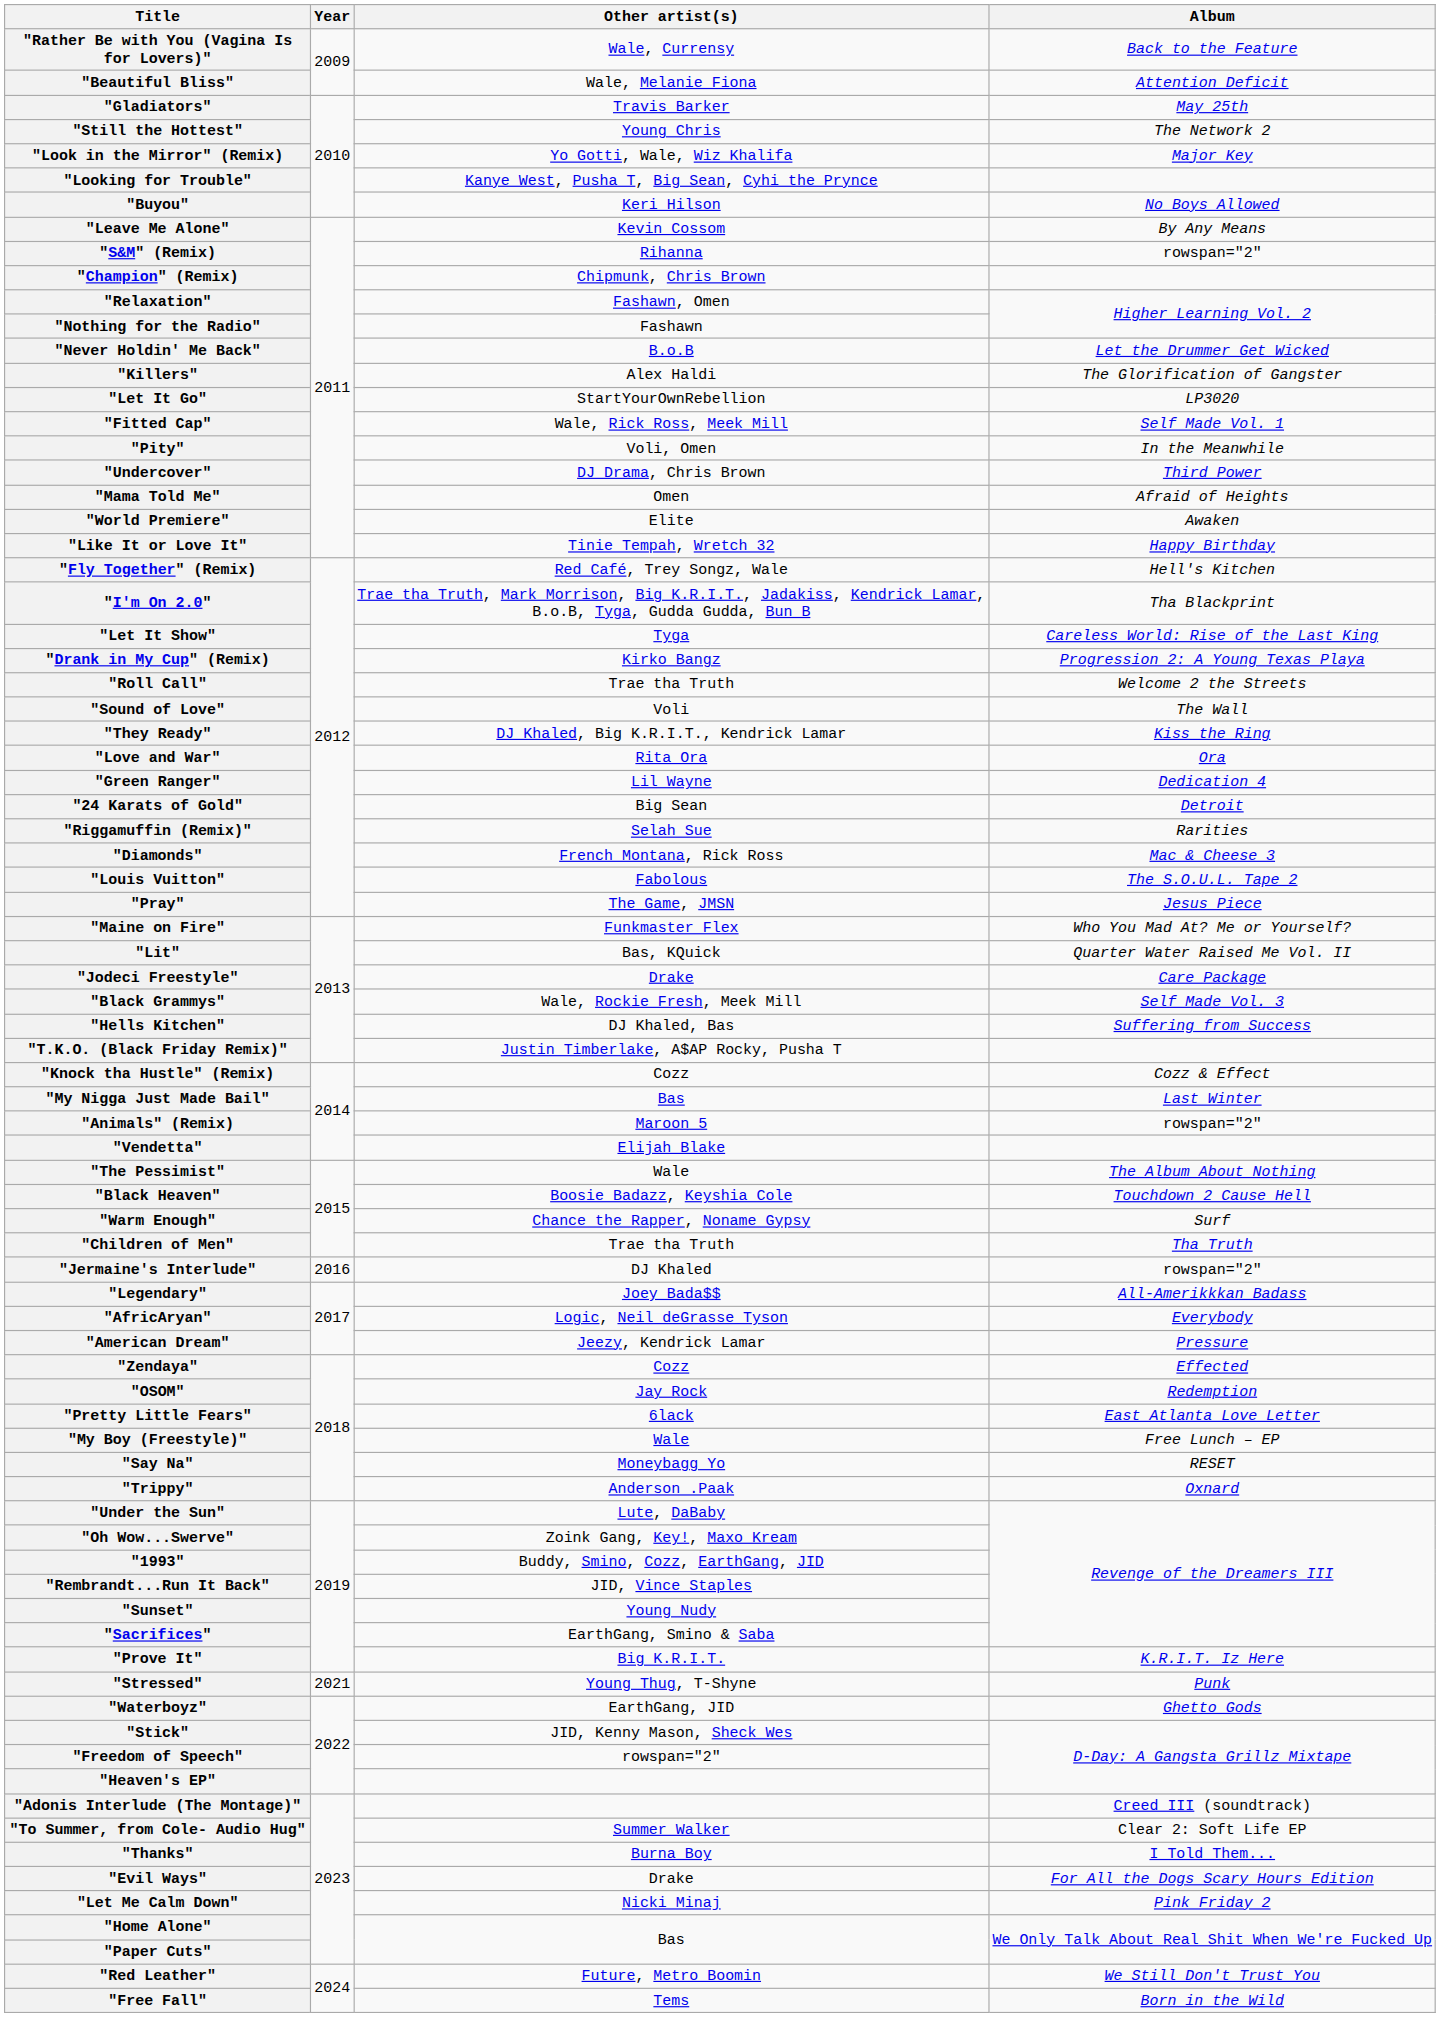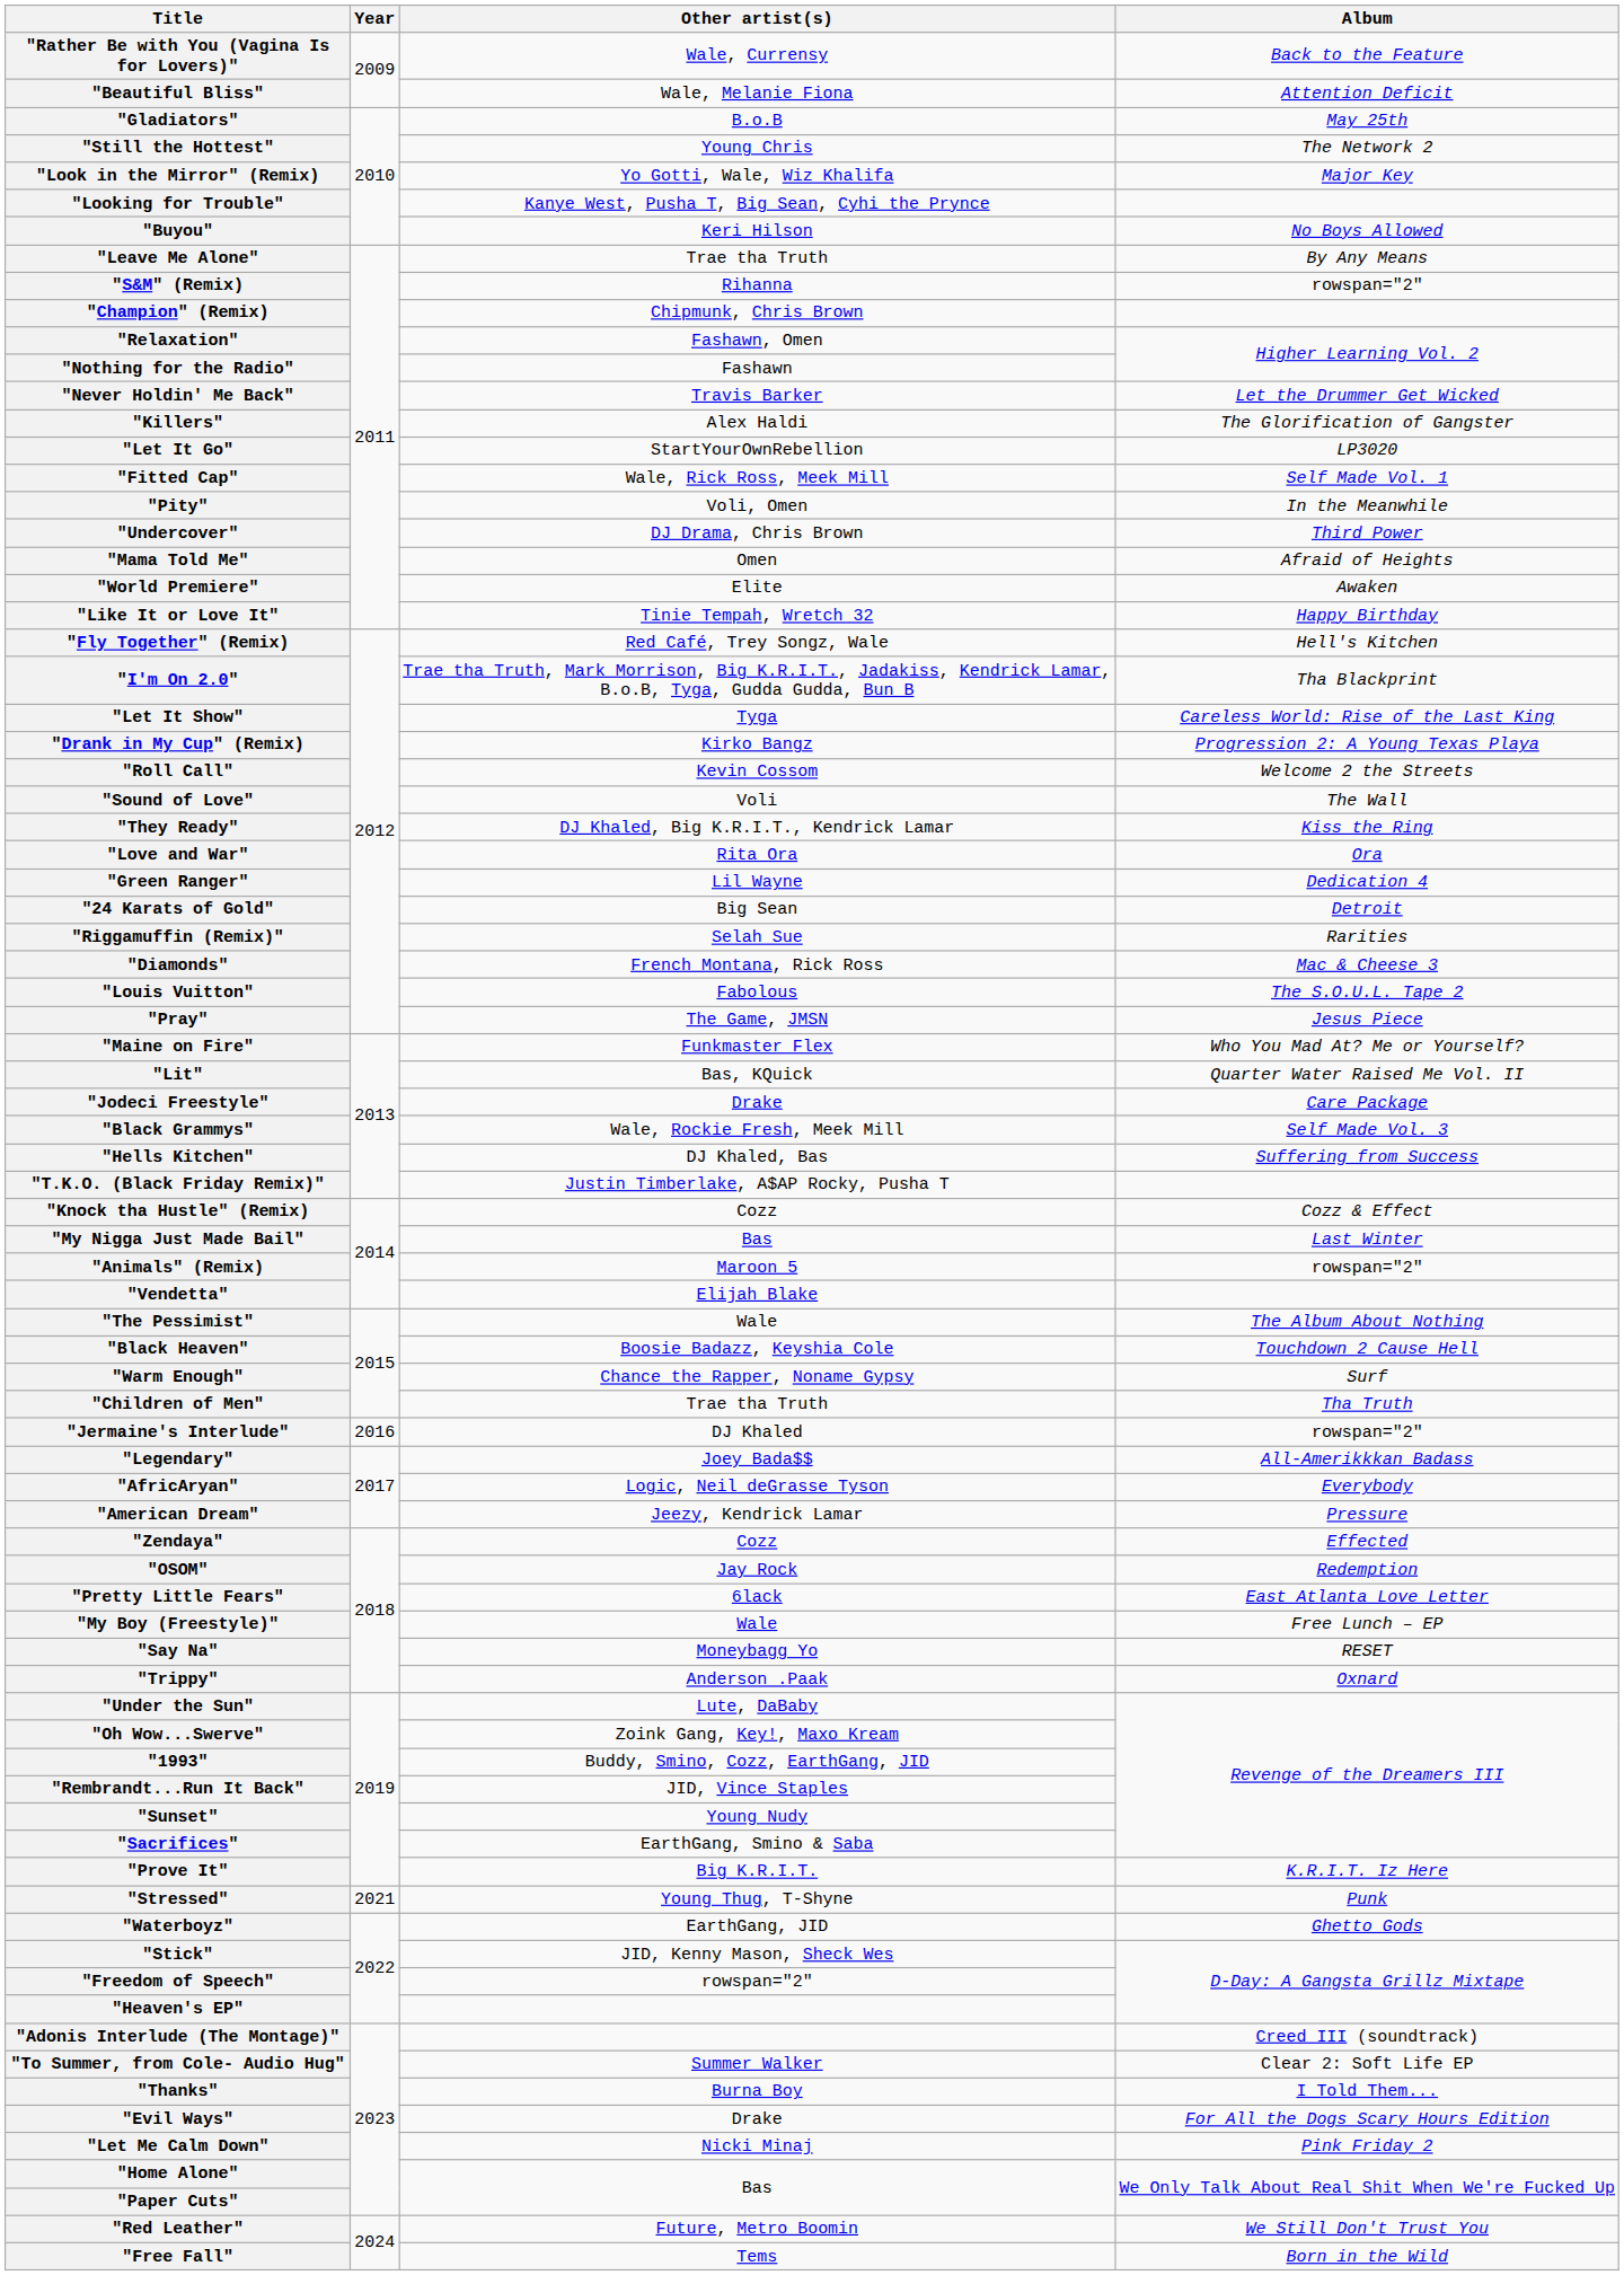 <table class="wikitable plainrowheaders" style="text-align:center;">
 <tr>
 <th scope="col" style="width:20em;">Title</th>
 <th scope="col">Year</th>
 <th scope="col">Other artist(s)</th>
 <th scope="col">Album</th>
 </tr>
 <tr>
 <th scope="row">"Rather Be with You (Vagina Is for Lovers)"</th>
 <td rowspan="2">2009</td>
 <td><a href='#'>Wale</a>, <a href='#'>Currensy</a></td>
 <td><em><a href='#'>Back to the Feature</a></em></td>
 </tr>
 <tr>
 <th scope="row">"Beautiful Bliss"</th>
 <td>Wale, <a href='#'>Melanie Fiona</a></td>
 <td><em><a href='#'>Attention Deficit</a></em></td>
 </tr>
 <tr>
 <th scope="row">"Gladiators"</th>
 <td rowspan="5">2010</td>
-<td><a href='#'>Travis Barker</a></td>
+<td><a href='#'>B.o.B</a></td>
 <td><em><a href='#'>May 25th</a></em></td>
 </tr>
 <tr>
 <th scope="row">"Still the Hottest"</th>
 <td><a href='#'>Young Chris</a></td>
 <td><em>The Network 2</em></td>
 </tr>
 <tr>
 <th scope="row">"Look in the Mirror" (Remix)</th>
 <td><a href='#'>Yo Gotti</a>, Wale, <a href='#'>Wiz Khalifa</a></td>
 <td><em><a href='#'>Major Key</a></em></td>
 </tr>
 <tr>
 <th scope="row">"Looking for Trouble"</th>
 <td><a href='#'>Kanye West</a>, <a href='#'>Pusha T</a>, <a href='#'>Big Sean</a>, <a href='#'>Cyhi the Prynce</a></td>
 </tr>
 <tr>
 <th scope="row">"Buyou"</th>
 <td><a href='#'>Keri Hilson</a></td>
 <td><em><a href='#'>No Boys Allowed</a></em></td>
 </tr>
 <tr>
 <th scope="row">"Leave Me Alone"</th>
 <td rowspan="14">2011</td>
-<td><a href='#'>Kevin Cossom</a></td>
+<td>Trae tha Truth</td>
 <td><em>By Any Means</em></td>
 </tr>
 <tr>
 <th scope="row">"<a href='#'>S&M</a>" (Remix)</th>
 <td><a href='#'>Rihanna</a></td>
 <td>rowspan="2" </td>
 </tr>
 <tr>
 <th scope="row">"<a href='#'>Champion</a>" (Remix)</th>
 <td><a href='#'>Chipmunk</a>, <a href='#'>Chris Brown</a></td>
 </tr>
 <tr>
 <th scope="row">"Relaxation"</th>
 <td><a href='#'>Fashawn</a>, Omen</td>
 <td rowspan="2"><em><a href='#'>Higher Learning Vol. 2</a></em></td>
 </tr>
 <tr>
 <th scope="row">"Nothing for the Radio"</th>
 <td>Fashawn</td>
 </tr>
 <tr>
 <th scope="row">"Never Holdin' Me Back"</th>
-<td><a href='#'>B.o.B</a></td>
+<td><a href='#'>Travis Barker</a></td>
 <td><em><a href='#'>Let the Drummer Get Wicked</a></em></td>
 </tr>
 <tr>
 <th scope="row">"Killers"</th>
 <td>Alex Haldi</td>
 <td><em>The Glorification of Gangster</em></td>
 </tr>
 <tr>
 <th scope="row">"Let It Go"</th>
 <td>StartYourOwnRebellion</td>
 <td><em>LP3020</em></td>
 </tr>
 <tr>
 <th scope="row">"Fitted Cap"</th>
 <td>Wale, <a href='#'>Rick Ross</a>, <a href='#'>Meek Mill</a></td>
 <td><em><a href='#'>Self Made Vol. 1</a></em></td>
 </tr>
 <tr>
 <th scope="row">"Pity"</th>
 <td>Voli, Omen</td>
 <td><em>In the Meanwhile</em></td>
 </tr>
 <tr>
 <th scope="row">"Undercover"</th>
 <td><a href='#'>DJ Drama</a>, Chris Brown</td>
 <td><em><a href='#'>Third Power</a></em></td>
 </tr>
 <tr>
 <th scope="row">"Mama Told Me"</th>
 <td>Omen</td>
 <td><em>Afraid of Heights</em></td>
 </tr>
 <tr>
 <th scope="row">"World Premiere"</th>
 <td>Elite</td>
 <td><em>Awaken</em></td>
 </tr>
 <tr>
 <th scope="row">"Like It or Love It"</th>
 <td><a href='#'>Tinie Tempah</a>, <a href='#'>Wretch 32</a></td>
 <td><em><a href='#'>Happy Birthday</a></em></td>
 </tr>
 <tr>
 <th scope="row">"<a href='#'>Fly Together</a>" (Remix)</th>
 <td rowspan="14">2012</td>
 <td><a href='#'>Red Café</a>, Trey Songz, Wale</td>
 <td><em>Hell's Kitchen</em></td>
 </tr>
 <tr>
 <th scope="row">"<a href='#'>I'm On 2.0</a>"</th>
 <td><a href='#'>Trae tha Truth</a>, <a href='#'>Mark Morrison</a>, <a href='#'>Big K.R.I.T.</a>, <a href='#'>Jadakiss</a>, <a href='#'>Kendrick Lamar</a>, <br>B.o.B, <a href='#'>Tyga</a>, Gudda Gudda, <a href='#'>Bun B</a></td>
 <td><em>Tha Blackprint</em></td>
 </tr>
 <tr>
 <th scope="row">"Let It Show"</th>
 <td><a href='#'>Tyga</a></td>
 <td><em><a href='#'>Careless World: Rise of the Last King</a></em></td>
 </tr>
 <tr>
 <th scope="row">"<a href='#'>Drank in My Cup</a>" (Remix)</th>
 <td><a href='#'>Kirko Bangz</a></td>
 <td><em><a href='#'>Progression 2: A Young Texas Playa</a></em></td>
 </tr>
 <tr>
 <th scope="row">"Roll Call"</th>
-<td>Trae tha Truth</td>
+<td><a href='#'>Kevin Cossom</a></td>
 <td><em>Welcome 2 the Streets</em></td>
 </tr>
 <tr>
 <th scope="row">"Sound of Love"</th>
 <td>Voli</td>
 <td><em>The Wall</em></td>
 </tr>
 <tr>
 <th scope="row">"They Ready"</th>
 <td><a href='#'>DJ Khaled</a>, Big K.R.I.T., Kendrick Lamar</td>
 <td><em><a href='#'>Kiss the Ring</a></em></td>
 </tr>
 <tr>
 <th scope="row">"Love and War"</th>
 <td><a href='#'>Rita Ora</a></td>
 <td><em><a href='#'>Ora</a></em></td>
 </tr>
 <tr>
 <th scope="row">"Green Ranger"</th>
 <td><a href='#'>Lil Wayne</a></td>
 <td><em><a href='#'>Dedication 4</a></em></td>
 </tr>
 <tr>
 <th scope="row">"24 Karats of Gold"</th>
 <td>Big Sean</td>
 <td><em><a href='#'>Detroit</a></em></td>
 </tr>
 <tr>
 <th scope="row">"Riggamuffin (Remix)"</th>
 <td><a href='#'>Selah Sue</a></td>
 <td><em>Rarities</em></td>
 </tr>
 <tr>
 <th scope="row">"Diamonds"</th>
 <td><a href='#'>French Montana</a>, Rick Ross</td>
 <td><em><a href='#'>Mac & Cheese 3</a></em></td>
 </tr>
 <tr>
 <th scope="row">"Louis Vuitton"</th>
 <td><a href='#'>Fabolous</a></td>
 <td><em><a href='#'>The S.O.U.L. Tape 2</a></em></td>
 </tr>
 <tr>
 <th scope="row">"Pray"</th>
 <td><a href='#'>The Game</a>, <a href='#'>JMSN</a></td>
 <td><em><a href='#'>Jesus Piece</a></em></td>
 </tr>
 <tr>
 <th scope="row">"Maine on Fire"</th>
 <td rowspan="6">2013</td>
 <td><a href='#'>Funkmaster Flex</a></td>
 <td><em>Who You Mad At? Me or Yourself?</em></td>
 </tr>
 <tr>
 <th scope="row">"Lit"</th>
 <td>Bas, KQuick</td>
 <td><em>Quarter Water Raised Me Vol. II</em></td>
 </tr>
 <tr>
 <th scope="row">"Jodeci Freestyle"</th>
 <td><a href='#'>Drake</a></td>
 <td><em><a href='#'>Care Package</a></em></td>
 </tr>
 <tr>
 <th scope="row">"Black Grammys"</th>
 <td>Wale, <a href='#'>Rockie Fresh</a>, Meek Mill</td>
 <td><em><a href='#'>Self Made Vol. 3</a></em></td>
 </tr>
 <tr>
 <th scope="row">"Hells Kitchen"</th>
 <td>DJ Khaled, Bas</td>
 <td><em><a href='#'>Suffering from Success</a></em></td>
 </tr>
 <tr>
 <th>"T.K.O. (Black Friday Remix)"</th>
 <td><a href='#'>Justin Timberlake</a>, A$AP Rocky, Pusha T</td>
 <td></td>
 </tr>
 <tr>
 <th scope="row">"Knock tha Hustle" (Remix)</th>
 <td rowspan="4">2014</td>
 <td>Cozz</td>
 <td><em>Cozz & Effect</em></td>
 </tr>
 <tr>
 <th scope="row">"My Nigga Just Made Bail"</th>
 <td><a href='#'>Bas</a></td>
 <td><em><a href='#'>Last Winter</a></em></td>
 </tr>
 <tr>
 <th scope="row">"Animals" (Remix)</th>
 <td><a href='#'>Maroon 5</a></td>
 <td>rowspan="2" </td>
 </tr>
 <tr>
 <th scope="row">"Vendetta"</th>
 <td><a href='#'>Elijah Blake</a></td>
 </tr>
 <tr>
 <th scope="row">"The Pessimist"</th>
 <td rowspan="4">2015</td>
 <td>Wale</td>
 <td><em><a href='#'>The Album About Nothing</a></em></td>
 </tr>
 <tr>
 <th scope="row">"Black Heaven"</th>
 <td><a href='#'>Boosie Badazz</a>, <a href='#'>Keyshia Cole</a></td>
 <td><em><a href='#'>Touchdown 2 Cause Hell</a></em></td>
 </tr>
 <tr>
 <th scope="row">"Warm Enough"</th>
 <td><a href='#'>Chance the Rapper</a>, <a href='#'>Noname Gypsy</a></td>
 <td><em>Surf</em></td>
 </tr>
 <tr>
 <th scope="row">"Children of Men"</th>
 <td>Trae tha Truth</td>
 <td><em><a href='#'>Tha Truth</a></em></td>
 </tr>
 <tr>
 <th scope="row">"Jermaine's Interlude"</th>
 <td rowspan="1">2016</td>
 <td>DJ Khaled</td>
 <td>rowspan="2" </td>
 </tr>
 <tr>
 <th scope="row">"Legendary"</th>
 <td rowspan="3">2017</td>
 <td><a href='#'>Joey Bada$$</a></td>
 <td><em><a href='#'>All-Amerikkkan Badass</a></em></td>
 </tr>
 <tr>
 <th scope="row">"AfricAryan"</th>
 <td><a href='#'>Logic</a>, <a href='#'>Neil deGrasse Tyson</a></td>
 <td><em><a href='#'>Everybody</a></em></td>
 </tr>
 <tr>
 <th scope="row">"American Dream"</th>
 <td><a href='#'>Jeezy</a>, Kendrick Lamar</td>
 <td><em><a href='#'>Pressure</a></em></td>
 </tr>
 <tr>
 <th scope="row">"Zendaya"</th>
 <td rowspan="6">2018</td>
 <td><a href='#'>Cozz</a></td>
 <td><em><a href='#'>Effected</a></em></td>
 </tr>
 <tr>
 <th scope="row">"OSOM"</th>
 <td><a href='#'>Jay Rock</a></td>
 <td><em><a href='#'>Redemption</a></em></td>
 </tr>
 <tr>
 <th scope="row">"Pretty Little Fears"</th>
 <td><a href='#'>6lack</a></td>
 <td><em><a href='#'>East Atlanta Love Letter</a></em></td>
 </tr>
 <tr>
 <th scope="row">"My Boy (Freestyle)"</th>
 <td><a href='#'>Wale</a></td>
 <td><em>Free Lunch – EP</em></td>
 </tr>
 <tr>
 <th scope="row">"Say Na"</th>
 <td><a href='#'>Moneybagg Yo</a></td>
 <td><em>RESET</em></td>
 </tr>
 <tr>
 <th scope="row">"Trippy"</th>
 <td><a href='#'>Anderson .Paak</a></td>
 <td><em><a href='#'>Oxnard</a></em></td>
 </tr>
 <tr>
 <th scope="row">"Under the Sun"</th>
 <td rowspan="7">2019</td>
 <td><a href='#'>Lute</a>, <a href='#'>DaBaby</a></td>
 <td rowspan="6"><em><a href='#'>Revenge of the Dreamers III</a></em></td>
 </tr>
 <tr>
 <th scope="row">"Oh Wow...Swerve"</th>
 <td>Zoink Gang, <a href='#'>Key!</a>, <a href='#'>Maxo Kream</a></td>
 </tr>
 <tr>
 <th scope="row">"1993"</th>
 <td>Buddy, <a href='#'>Smino</a>, <a href='#'>Cozz</a>, <a href='#'>EarthGang</a>, <a href='#'>JID</a></td>
 </tr>
 <tr>
 <th scope="row">"Rembrandt...Run It Back"</th>
 <td>JID, <a href='#'>Vince Staples</a></td>
 </tr>
 <tr>
 <th scope="row">"Sunset"</th>
 <td><a href='#'>Young Nudy</a></td>
 </tr>
 <tr>
 <th scope="row">"<a href='#'>Sacrifices</a>"</th>
 <td>EarthGang, Smino & <a href='#'>Saba</a></td>
 </tr>
 <tr>
 <th scope="row">"Prove It"</th>
 <td><a href='#'>Big K.R.I.T.</a></td>
 <td><em><a href='#'>K.R.I.T. Iz Here</a></em></td>
 </tr>
 <tr>
 <th scope="row">"Stressed"</th>
 <td>2021</td>
 <td><a href='#'>Young Thug</a>, T-Shyne</td>
 <td><em><a href='#'>Punk</a></em></td>
 </tr>
 <tr>
 <th scope=row>"Waterboyz"</th>
 <td rowspan="4">2022</td>
 <td>EarthGang, JID</td>
 <td><em><a href='#'>Ghetto Gods</a></em></td>
 </tr>
 <tr>
 <th scope=row>"Stick"</th>
 <td>JID, Kenny Mason, <a href='#'>Sheck Wes</a></td>
 <td rowspan="3"><em><a href='#'>D-Day: A Gangsta Grillz Mixtape</a></em></td>
 </tr>
 <tr>
 <th scope=row>"Freedom of Speech"</th>
 <td>rowspan="2" </td>
 </tr>
 <tr>
 <th scope=row>"Heaven's EP"</th>
 </tr>
 <tr>
 <th>"Adonis Interlude (The Montage)"</th>
 <td rowspan="7">2023</td>
 <td></td>
 <td><a href='#'>Creed III</a> (soundtrack)</td>
 </tr>
 <tr>
 <th>"To Summer, from Cole- Audio Hug"</th>
 <td><a href='#'>Summer Walker</a></td>
 <td>Clear 2: Soft Life EP</td>
 </tr>
 <tr>
 <th>"Thanks"</th>
 <td><a href='#'>Burna Boy</a></td>
 <td><a href='#'>I Told Them...</a></td>
 </tr>
 <tr>
 <th scope="row">"Evil Ways"</th>
 <td>Drake</td>
 <td><em><a href='#'>For All the Dogs Scary Hours Edition</a></em></td>
 </tr>
 <tr>
 <th scope="row">"Let Me Calm Down"</th>
 <td><a href='#'>Nicki Minaj</a></td>
 <td><em><a href='#'>Pink Friday 2</a></em></td>
 </tr>
 <tr>
 <th>"Home Alone"</th>
 <td rowspan="2">Bas</td>
 <td rowspan="2"><a href='#'>We Only Talk About Real Shit When We're Fucked Up</a></td>
 </tr>
 <tr>
 <th>"Paper Cuts"</th>
 </tr>
 <tr>
 <th scope="row">"Red Leather"</th>
 <td rowspan="2">2024</td>
 <td><a href='#'>Future</a>, <a href='#'>Metro Boomin</a></td>
 <td><em><a href='#'>We Still Don't Trust You</a></em></td>
 </tr>
 <tr>
 <th>"Free Fall"</th>
 <td><a href='#'>Tems</a></td>
 <td><em><a href='#'>Born in the Wild</a></em></td>
 </tr>
 </table>
